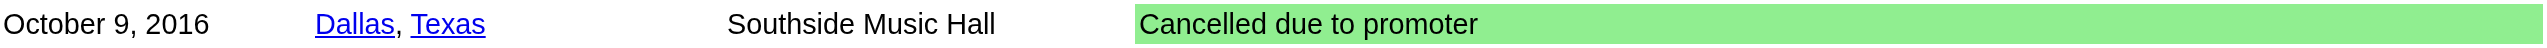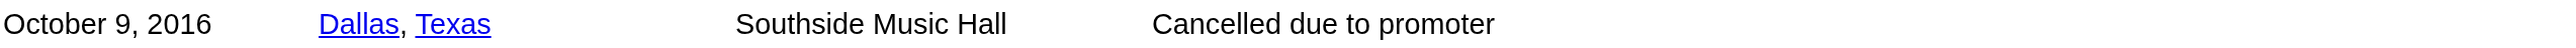 <table cellpadding="2" style="border:0 solid darkgrey; font-size:90%">
 <tr>
 <th style="width:150px;"></th>
 <th style="width:200px;"></th>
 <th style="width:200px;"></th>
 <th style="width:700px;"></th>
 </tr>
 <tr border="0">
 </tr>
 <tr>
 <td>October 9, 2016</td>
 <td><a href='#'>Dallas</a>, <a href='#'>Texas</a></td>
 <td>Southside Music Hall</td>
-<td style="background: lightgreen;">Cancelled due to promoter</td>
+<td>Cancelled due to promoter</td>
 </tr>
 <tr>
 </tr>
 </table>
